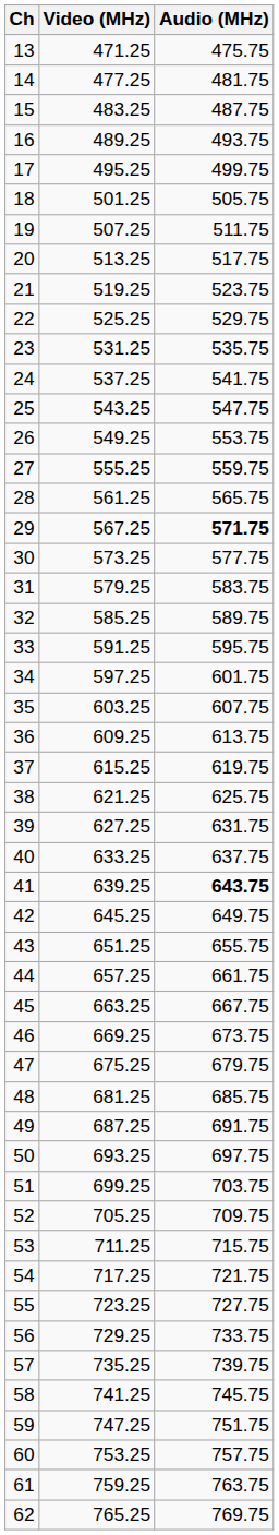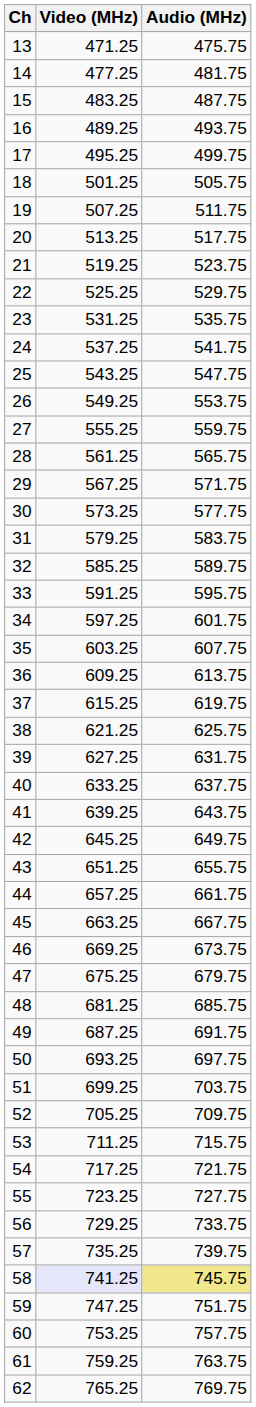 <table class="wikitable" style="text-align:right">
 <tr>
 <th>Ch</th>
 <th>Video (MHz)</th>
 <th>Audio (MHz)</th>
 </tr>
 <tr>
 <td>13</td>
 <td>471.25</td>
 <td>475.75</td>
 </tr>
 <tr>
 <td>14</td>
 <td>477.25</td>
 <td>481.75</td>
 </tr>
 <tr>
 <td>15</td>
 <td>483.25</td>
 <td>487.75</td>
 </tr>
 <tr>
 <td>16</td>
 <td>489.25</td>
 <td>493.75</td>
 </tr>
 <tr>
 <td>17</td>
 <td>495.25</td>
 <td>499.75</td>
 </tr>
 <tr>
 <td>18</td>
 <td>501.25</td>
 <td>505.75</td>
 </tr>
 <tr>
 <td>19</td>
 <td>507.25</td>
 <td>511.75</td>
 </tr>
 <tr>
 <td>20</td>
 <td>513.25</td>
 <td>517.75</td>
 </tr>
 <tr>
 <td>21</td>
 <td>519.25</td>
 <td>523.75</td>
 </tr>
 <tr>
 <td>22</td>
 <td>525.25</td>
 <td>529.75</td>
 </tr>
 <tr>
 <td>23</td>
 <td>531.25</td>
 <td>535.75</td>
 </tr>
 <tr>
 <td>24</td>
 <td>537.25</td>
 <td>541.75</td>
 </tr>
 <tr>
 <td>25</td>
 <td>543.25</td>
 <td>547.75</td>
 </tr>
 <tr>
 <td>26</td>
 <td>549.25</td>
 <td>553.75</td>
 </tr>
 <tr>
 <td>27</td>
 <td>555.25</td>
 <td>559.75</td>
 </tr>
 <tr>
 <td>28</td>
 <td>561.25</td>
 <td>565.75</td>
 </tr>
 <tr>
 <td>29</td>
 <td>567.25</td>
-<td><strong>571.75</strong></td>
+<td>571.75</td>
 </tr>
 <tr>
 <td>30</td>
 <td>573.25</td>
 <td>577.75</td>
 </tr>
 <tr>
 <td>31</td>
 <td>579.25</td>
 <td>583.75</td>
 </tr>
 <tr>
 <td>32</td>
 <td>585.25</td>
 <td>589.75</td>
 </tr>
 <tr>
 <td>33</td>
 <td>591.25</td>
 <td>595.75</td>
 </tr>
 <tr>
 <td>34</td>
 <td>597.25</td>
 <td>601.75</td>
 </tr>
 <tr>
 <td>35</td>
 <td>603.25</td>
 <td>607.75</td>
 </tr>
 <tr>
 <td>36</td>
 <td>609.25</td>
 <td>613.75</td>
 </tr>
 <tr>
 <td>37</td>
 <td>615.25</td>
 <td>619.75</td>
 </tr>
 <tr>
 <td>38</td>
 <td>621.25</td>
 <td>625.75</td>
 </tr>
 <tr>
 <td>39</td>
 <td>627.25</td>
 <td>631.75</td>
 </tr>
 <tr>
 <td>40</td>
 <td>633.25</td>
 <td>637.75</td>
 </tr>
 <tr>
 <td>41</td>
 <td>639.25</td>
-<td><strong>643.75</strong></td>
+<td>643.75</td>
 </tr>
 <tr>
 <td>42</td>
 <td>645.25</td>
 <td>649.75</td>
 </tr>
 <tr>
 <td>43</td>
 <td>651.25</td>
 <td>655.75</td>
 </tr>
 <tr>
 <td>44</td>
 <td>657.25</td>
 <td>661.75</td>
 </tr>
 <tr>
 <td>45</td>
 <td>663.25</td>
 <td>667.75</td>
 </tr>
 <tr>
 <td>46</td>
 <td>669.25</td>
 <td>673.75</td>
 </tr>
 <tr>
 <td>47</td>
 <td>675.25</td>
 <td>679.75</td>
 </tr>
 <tr>
 <td>48</td>
 <td>681.25</td>
 <td>685.75</td>
 </tr>
 <tr>
 <td>49</td>
 <td>687.25</td>
 <td>691.75</td>
 </tr>
 <tr>
 <td>50</td>
 <td>693.25</td>
 <td>697.75</td>
 </tr>
 <tr>
 <td>51</td>
 <td>699.25</td>
 <td>703.75</td>
 </tr>
 <tr>
 <td>52</td>
 <td>705.25</td>
 <td>709.75</td>
 </tr>
 <tr>
 <td>53</td>
 <td>711.25</td>
 <td>715.75</td>
 </tr>
 <tr>
 <td>54</td>
 <td>717.25</td>
 <td>721.75</td>
 </tr>
 <tr>
 <td>55</td>
 <td>723.25</td>
 <td>727.75</td>
 </tr>
 <tr>
 <td>56</td>
 <td>729.25</td>
 <td>733.75</td>
 </tr>
 <tr>
 <td>57</td>
 <td>735.25</td>
 <td>739.75</td>
 </tr>
 <tr>
 <td>58</td>
-<td>741.25</td>
-<td>745.75</td>
+<td style="background: lavender;">741.25</td>
+<td style="background: khaki;">745.75</td>
 </tr>
 <tr>
 <td>59</td>
 <td>747.25</td>
 <td>751.75</td>
 </tr>
 <tr>
 <td>60</td>
 <td>753.25</td>
 <td>757.75</td>
 </tr>
 <tr>
 <td>61</td>
 <td>759.25</td>
 <td>763.75</td>
 </tr>
 <tr>
 <td>62</td>
 <td>765.25</td>
 <td>769.75</td>
 </tr>
 </table>
